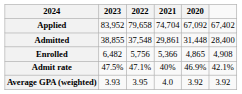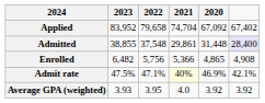 <table class="wikitable" style="text-align:center; float:right; font-size:85%; margin:10px">
 <tr>
 <th>2024</th>
 <th>2023</th>
 <th>2022</th>
 <th>2021</th>
 <th>2020</th>
 </tr>
 <tr>
 <th>Applied</th>
 <td>83,952</td>
 <td>79,658</td>
 <td>74,704</td>
 <td>67,092</td>
 <td>67,402</td>
 </tr>
 <tr>
 <th>Admitted</th>
 <td>38,855</td>
 <td>37,548</td>
 <td>29,861</td>
 <td>31,448</td>
-<td>28,400</td>
+<td style="background: lavender;">28,400</td>
 </tr>
 <tr>
 <th>Enrolled</th>
 <td>6,482</td>
 <td>5,756</td>
 <td>5,366</td>
 <td>4,865</td>
 <td>4,908</td>
 </tr>
 <tr>
 <th>Admit rate</th>
 <td>47.5%</td>
 <td>47.1%</td>
-<td>40%</td>
+<td style="background: lightyellow;">40%</td>
 <td>46.9%</td>
 <td>42.1%</td>
 </tr>
 <tr>
 <th>Average GPA (weighted)</th>
 <td>3.93</td>
 <td>3.95</td>
 <td>4.0</td>
 <td>3.92</td>
 <td>3.92</td>
 </tr>
 </table>
